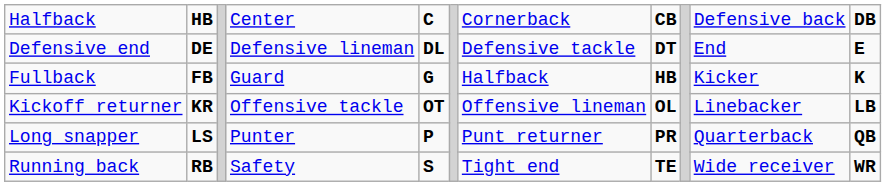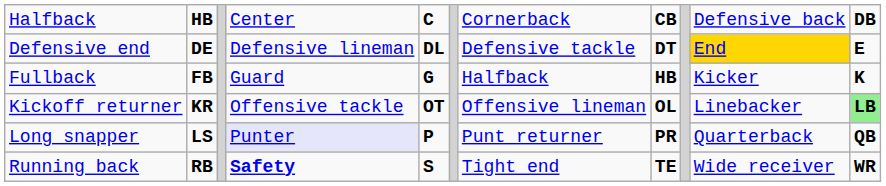 <table class="wikitable">
 <tr>
 <td><a href='#'>Halfback</a></td>
 <td><strong>HB</strong></td>
 <td rowSpan="6" style="background-color:lightgrey;"></td>
 <td><a href='#'>Center</a></td>
 <td><strong>C</strong></td>
 <td rowSpan="6" style="background-color:lightgrey;"></td>
 <td><a href='#'>Cornerback</a></td>
 <td><strong>CB</strong></td>
 <td rowSpan="6" style="background-color:lightgrey;"></td>
 <td><a href='#'>Defensive back</a></td>
 <td><strong>DB</strong></td>
 </tr>
 <tr>
 <td><a href='#'>Defensive end</a></td>
 <td><strong>DE</strong></td>
 <td><a href='#'>Defensive lineman</a></td>
 <td><strong>DL</strong></td>
 <td><a href='#'>Defensive tackle</a></td>
 <td><strong>DT</strong></td>
-<td><a href='#'>End</a></td>
+<td style="background: gold;"><a href='#'>End</a></td>
 <td><strong>E</strong></td>
 </tr>
 <tr>
 <td><a href='#'>Fullback</a></td>
 <td><strong>FB</strong></td>
 <td><a href='#'>Guard</a></td>
 <td><strong>G</strong></td>
 <td><a href='#'>Halfback</a></td>
 <td><strong>HB</strong></td>
 <td><a href='#'>Kicker</a></td>
 <td><strong>K</strong></td>
 </tr>
 <tr>
 <td><a href='#'>Kickoff returner</a></td>
 <td><strong>KR</strong></td>
 <td><a href='#'>Offensive tackle</a></td>
 <td><strong>OT</strong></td>
 <td><a href='#'>Offensive lineman</a></td>
 <td><strong>OL</strong></td>
 <td><a href='#'>Linebacker</a></td>
-<td><strong>LB</strong></td>
+<td style="background: lightgreen;"><strong>LB</strong></td>
 </tr>
 <tr>
 <td><a href='#'>Long snapper</a></td>
 <td><strong>LS</strong></td>
-<td><a href='#'>Punter</a></td>
+<td style="background: lavender;"><a href='#'>Punter</a></td>
 <td><strong>P</strong></td>
 <td><a href='#'>Punt returner</a></td>
 <td><strong>PR</strong></td>
 <td><a href='#'>Quarterback</a></td>
 <td><strong>QB</strong></td>
 </tr>
 <tr>
 <td><a href='#'>Running back</a></td>
 <td><strong>RB</strong></td>
-<td><a href='#'>Safety</a></td>
+<td><strong><a href='#'>Safety</a></strong></td>
 <td><strong>S</strong></td>
 <td><a href='#'>Tight end</a></td>
 <td><strong>TE</strong></td>
 <td><a href='#'>Wide receiver</a></td>
 <td><strong>WR</strong></td>
 </tr>
 </table>
